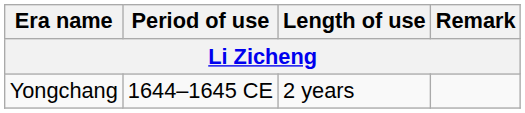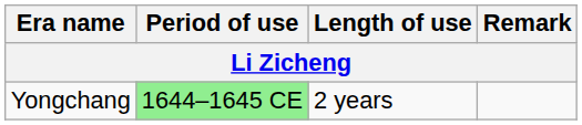 <table class="wikitable">
 <tr>
 <th>Era name</th>
 <th>Period of use</th>
 <th>Length of use</th>
 <th>Remark</th>
 </tr>
 <tr>
 <th colspan="4"><a href='#'>Li Zicheng</a><br></th>
 </tr>
 <tr>
 <td>Yongchang<br></td>
-<td>1644–1645 CE</td>
+<td style="background: lightgreen;">1644–1645 CE</td>
 <td>2 years</td>
 <td></td>
 </tr>
 </table>
